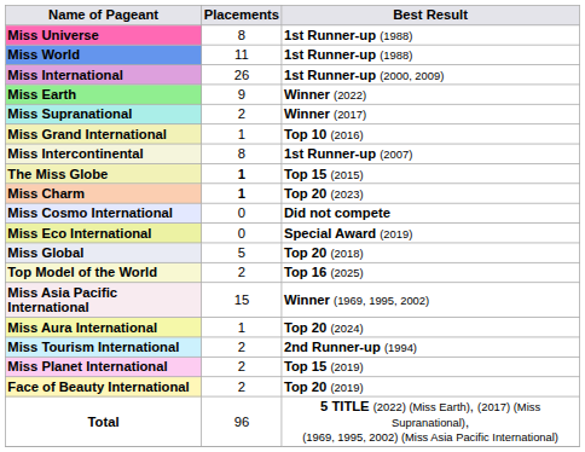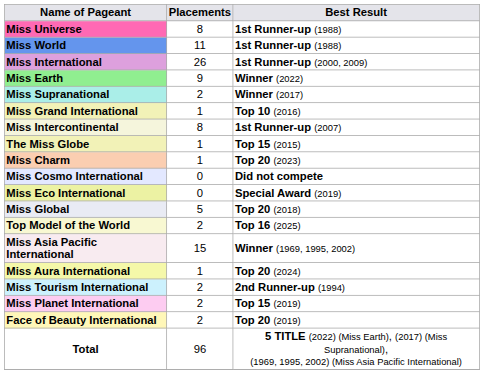 <table class="sortable" border="2" cellpadding="2" cellspacing="0" style="margin: 0 1em 0 0; background: white; border: 1px #aaa solid; border-collapse: collapse; font-size: 90%;">
 <tr>
 <th align="center" bgcolor="#E4E4EA">Name of Pageant</th>
 <th align="center" bgcolor="#E4E4EA">Placements</th>
 <th align="center" bgcolor="#E4E4EA">Best Result</th>
 </tr>
 <tr>
 <td bgcolor="#FF69B4"><strong>Miss Universe</strong></td>
 <td align="center">8</td>
 <td><strong>1st Runner-up</strong> <small>(1988)</small></td>
 </tr>
 <tr>
 <td bgcolor="#6495ED"><strong>Miss World</strong></td>
 <td align="center">11</td>
 <td><strong>1st Runner-up</strong> <small>(1988)</small></td>
 </tr>
 <tr>
 <td bgcolor="#DDA0DD"><strong>Miss International</strong></td>
 <td align="center">26</td>
 <td><strong>1st Runner-up</strong> <small>(2000, 2009)</small></td>
 </tr>
 <tr>
 <td bgcolor="#90EE90"><strong>Miss Earth</strong></td>
 <td align="center">9</td>
 <td><strong>Winner</strong>   <small>(2022)</small></td>
 </tr>
 <tr>
 <td bgcolor="#AAEEE8"><strong>Miss Supranational </strong></td>
 <td align="center">2</td>
 <td><strong>Winner</strong>   <small>(2017)</small></td>
 </tr>
 <tr>
 <td bgcolor="#f2f2b7"><strong>Miss Grand International</strong></td>
 <td align="center">1</td>
 <td><strong>Top 10</strong> <small>(2016)</small></td>
 </tr>
 <tr>
 <td bgcolor="#f5f5dc"><strong>Miss Intercontinental</strong></td>
 <td align="center">8</td>
 <td><strong>1st Runner-up</strong> <small>(2007)</small></td>
 </tr>
 <tr>
 <td bgcolor="#f2f2b7"><strong>The Miss Globe	</strong></td>
-<td align="center"><strong>1</strong></td>
+<td align="center">1</td>
 <td><strong>Top 15</strong> <small>(2015)</small></td>
 </tr>
 <tr>
 <td bgcolor="#fbceb1"><strong>Miss Charm</strong></td>
-<td align="center"><strong>1</strong></td>
+<td align="center">1</td>
 <td><strong>Top 20</strong> <small>(2023)</small></td>
 </tr>
 <tr>
 <td bgcolor="#e3e8ff"><strong>Miss Cosmo International</strong></td>
 <td align="center">0</td>
 <td><strong>Did not compete</strong></td>
 </tr>
 <tr>
 <td bgcolor="#ecf2a3"><strong>Miss Eco International </strong></td>
 <td align="center">0</td>
 <td><strong> Special Award</strong> <small>(2019)</small></td>
 </tr>
 <tr>
 <td bgcolor="#e9ebf4"><strong>Miss Global</strong></td>
 <td align="center">5</td>
 <td><strong>Top 20</strong> <small>(2018)</small></td>
 </tr>
 <tr>
 <td bgcolor="#f8f8d2"><strong>Top Model of the World</strong></td>
 <td align="center">2</td>
 <td><strong>Top 16</strong> <small>(2025)</small></td>
 </tr>
 <tr>
 <td bgcolor="#f8ebf0"><strong>Miss Asia Pacific International</strong></td>
 <td align="center">15</td>
 <td><strong>Winner</strong>   <small>(1969, 1995, 2002)</small></td>
 </tr>
 <tr>
 <td bgcolor="#F5F8A9"><strong>Miss Aura International</strong></td>
 <td align="center">1</td>
 <td><strong>Top 20</strong> <small>(2024)</small></td>
 </tr>
 <tr>
 <td bgcolor="#ccf1fd"><strong>Miss Tourism International</strong></td>
 <td align="center">2</td>
 <td><strong>2nd Runner-up</strong> <small>(1994)</small></td>
 </tr>
 <tr>
 <td bgcolor="#fdccf1"><strong>Miss Planet International</strong></td>
 <td align="center">2</td>
 <td><strong>Top 15</strong>  <small>(2019)</small></td>
 </tr>
 <tr>
 <td bgcolor="FFF7B8"><strong>Face of Beauty International</strong></td>
 <td align="center">2</td>
 <td><strong>Top 20</strong>  <small>(2019)</small></td>
 </tr>
 <tr>
 <td align="center"><strong>Total</strong></td>
 <td align="center">96</td>
 <td align="center"><strong>5 TITLE</strong> <small>(2022) (Miss Earth)</small>, <small>(2017) (Miss Supranational)</small>, <br><small>(1969, 1995, 2002) (Miss Asia Pacific International)</small></td>
 </tr>
 <tr>
 </tr>
 </table>
